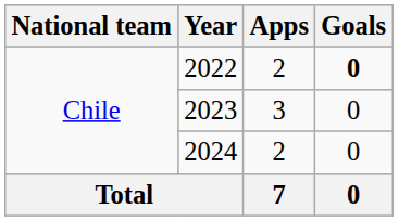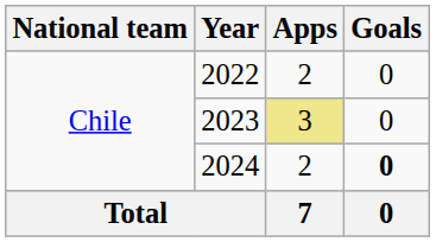 <table class="wikitable" style="text-align:center">
 <tr>
 <th>National team</th>
 <th>Year</th>
 <th>Apps</th>
 <th>Goals</th>
 </tr>
 <tr>
 <td rowspan="3"><a href='#'>Chile</a></td>
 <td>2022</td>
 <td>2</td>
-<td><strong>0</strong></td>
+<td>0</td>
 </tr>
 <tr>
 <td>2023</td>
-<td>3</td>
+<td style="background: khaki;">3</td>
 <td>0</td>
 </tr>
 <tr>
 <td>2024</td>
 <td>2</td>
-<td>0</td>
+<td><strong>0</strong></td>
 </tr>
 <tr>
 <th colspan="2">Total</th>
 <th>7</th>
 <th>0</th>
 </tr>
 </table>
